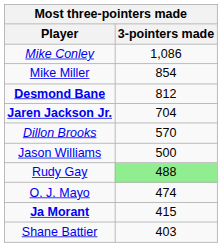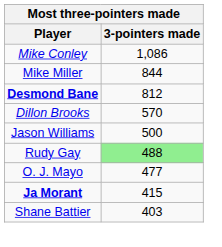 <table class="wikitable sortable" style="text-align:center">
 <tr>
 <th colspan="2" style="text-align:center; ">Most three-pointers made</th>
 </tr>
 <tr>
 <th style="text-align:center; ">Player</th>
 <th style="text-align:center; ">3-pointers made</th>
 </tr>
 <tr>
 <td><em><a href='#'>Mike Conley</a></em></td>
 <td>1,086</td>
 </tr>
 <tr>
 <td><a href='#'>Mike Miller</a></td>
-<td>854</td>
+<td>844</td>
 </tr>
 <tr>
 <td><strong><a href='#'>Desmond Bane</a></strong></td>
 <td>812</td>
-</tr>
-<tr>
-<td><strong><a href='#'>Jaren Jackson Jr.</a></strong></td>
-<td>704</td>
 </tr>
 <tr>
 <td><em><a href='#'>Dillon Brooks</a></em></td>
 <td>570</td>
 </tr>
 <tr>
 <td><a href='#'>Jason Williams</a></td>
 <td>500</td>
 </tr>
 <tr>
 <td><a href='#'>Rudy Gay</a></td>
 <td style="background: lightgreen;">488</td>
 </tr>
 <tr>
 <td><a href='#'>O. J. Mayo</a></td>
-<td>474</td>
+<td>477</td>
 </tr>
 <tr>
 <td><strong><a href='#'>Ja Morant</a></strong></td>
 <td>415</td>
 </tr>
 <tr>
 <td><a href='#'>Shane Battier</a></td>
 <td>403</td>
 </tr>
 </table>
